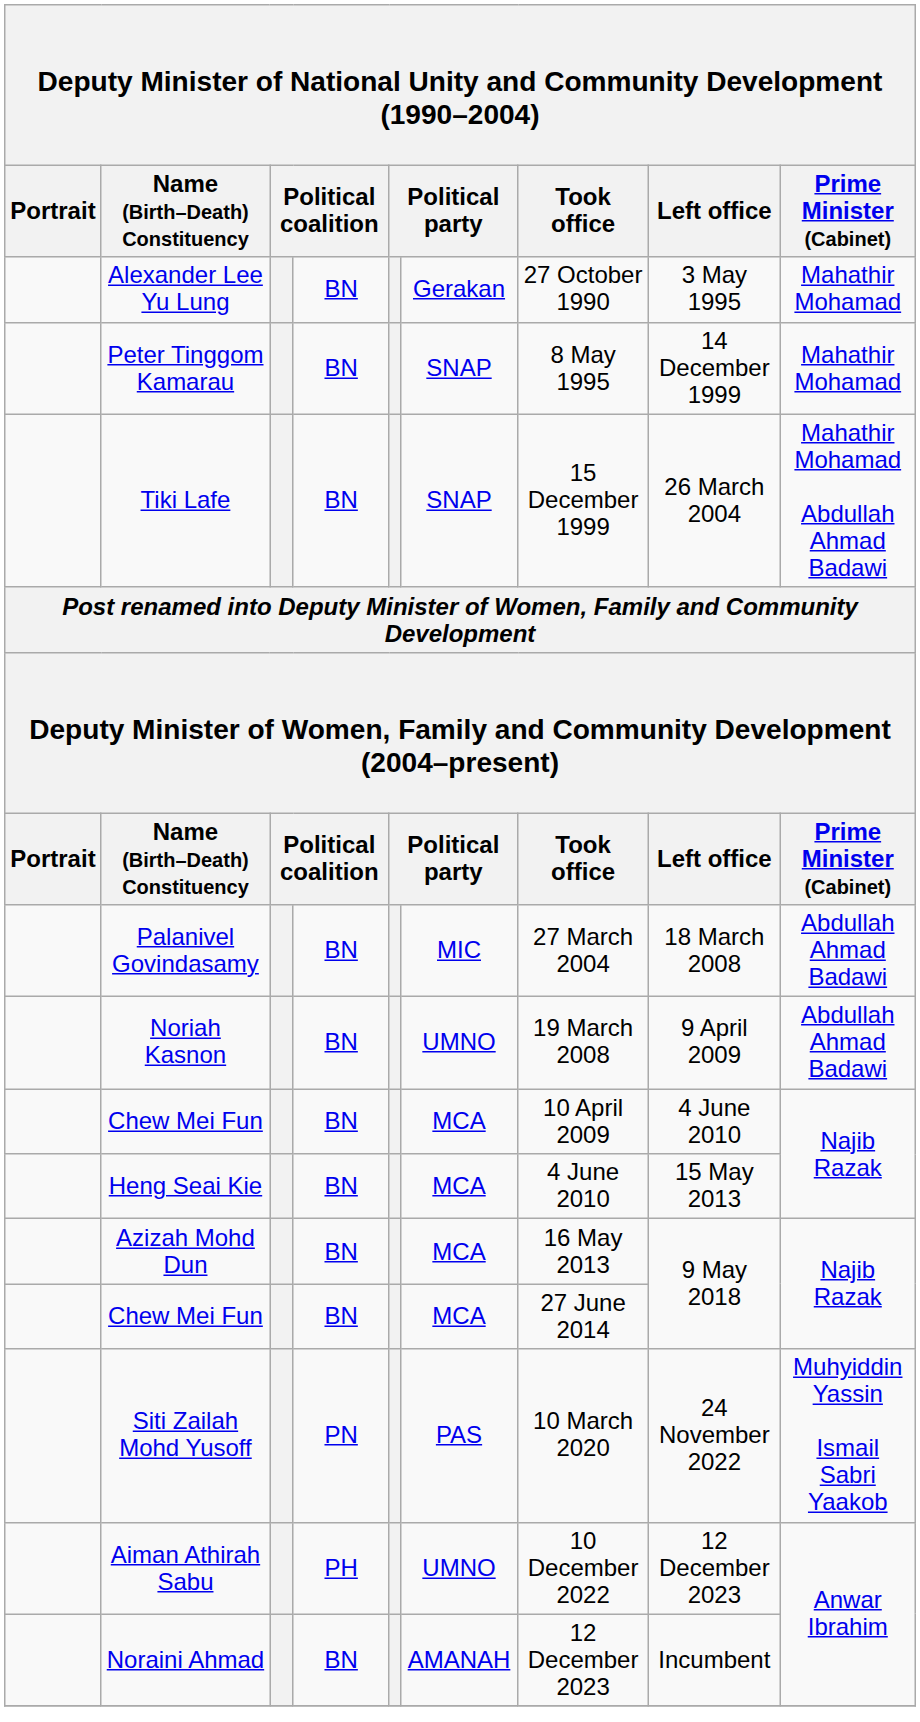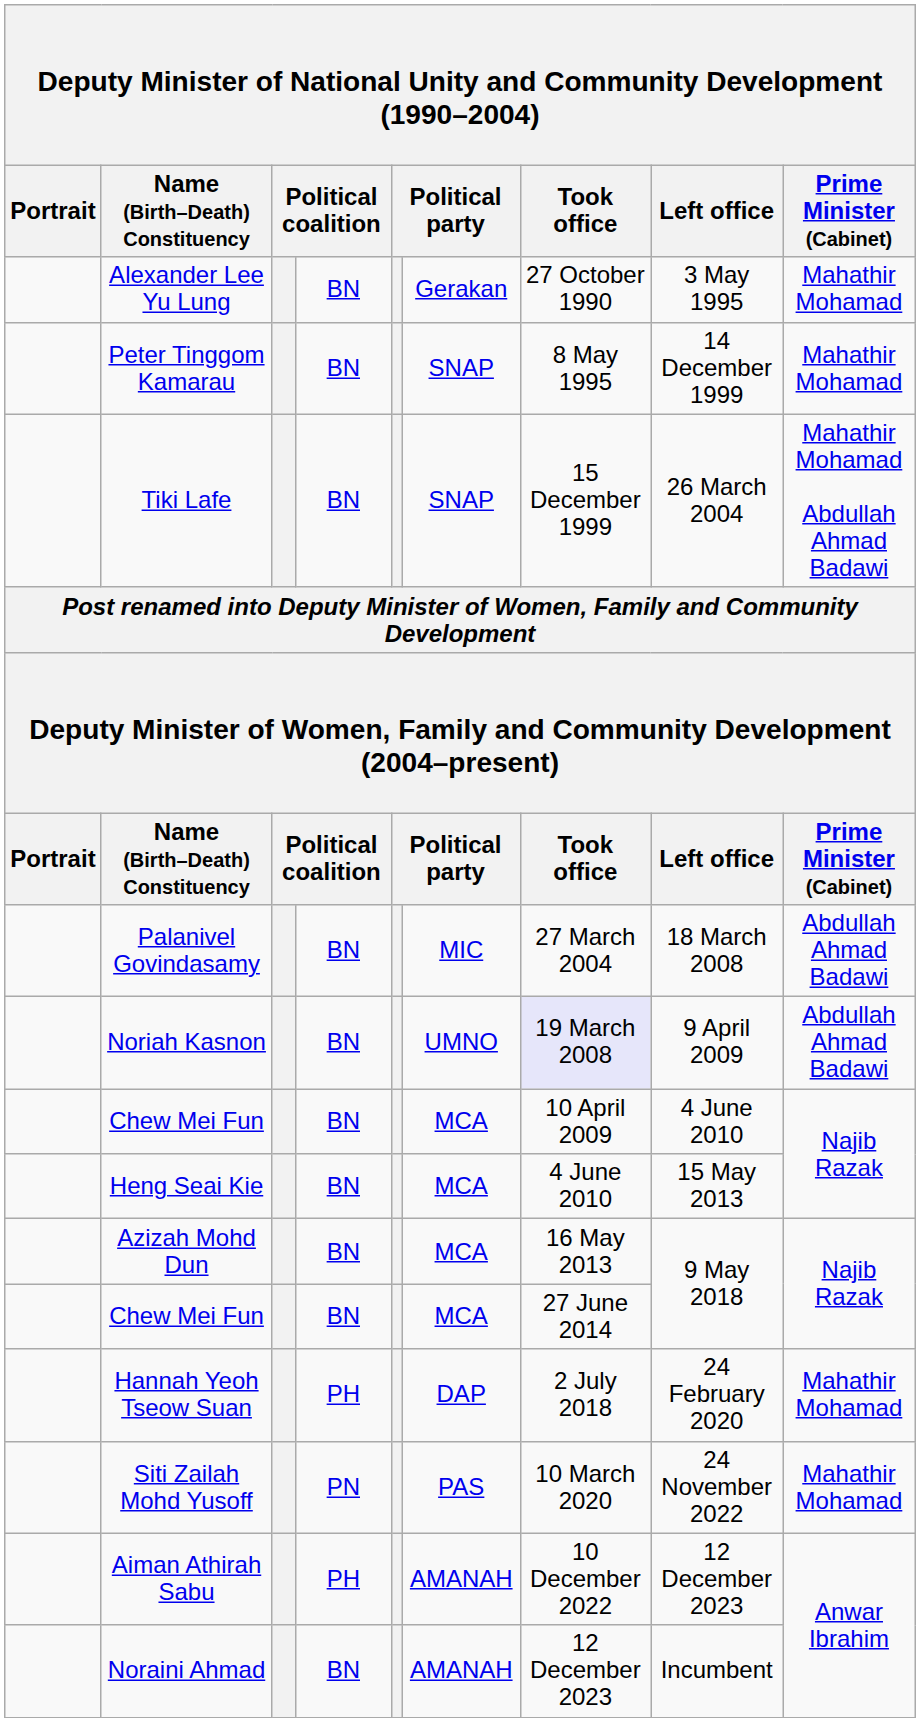 <table class="wikitable" style="text-align:center;">
 <tr>
 <th colspan="9"><br><h3>Deputy Minister of National Unity and Community Development (1990–2004)</h3></th>
 </tr>
 <tr>
 <th>Portrait</th>
 <th>Name<br><small>(Birth–Death)<br>Constituency</small></th>
 <th colspan="2">Political coalition</th>
 <th colspan="2">Political party</th>
 <th>Took office</th>
 <th>Left office</th>
 <th><a href='#'>Prime Minister</a><br><small>(Cabinet)</small></th>
 </tr>
 <tr>
 <td></td>
 <td><a href='#'>Alexander Lee Yu Lung</a><br></td>
 <th style="background:"></th>
 <td><a href='#'>BN</a></td>
 <th style="background:"></th>
 <td><a href='#'>Gerakan</a></td>
 <td>27 October 1990</td>
 <td>3 May 1995</td>
 <td><a href='#'>Mahathir Mohamad</a><br></td>
 </tr>
 <tr>
 <td></td>
 <td><a href='#'>Peter Tinggom Kamarau</a><br></td>
 <th style="background:"></th>
 <td><a href='#'>BN</a></td>
 <th style="background:"></th>
 <td><a href='#'>SNAP</a></td>
 <td>8 May 1995</td>
 <td>14 December 1999</td>
 <td><a href='#'>Mahathir Mohamad</a><br></td>
 </tr>
 <tr>
 <td></td>
 <td><a href='#'>Tiki Lafe</a><br></td>
 <th style="background:"></th>
 <td><a href='#'>BN</a></td>
 <th style="background:"></th>
 <td><a href='#'>SNAP</a></td>
 <td>15 December 1999</td>
 <td>26 March 2004</td>
 <td><a href='#'>Mahathir Mohamad</a><br><br><a href='#'>Abdullah Ahmad Badawi</a><br></td>
 </tr>
 <tr>
 <th colspan="9"><em>Post renamed into Deputy Minister of Women, Family and Community Development</em></th>
 </tr>
 <tr>
 <th colspan="9"><br><h3>Deputy Minister of Women, Family and Community Development (2004–present)</h3></th>
 </tr>
 <tr>
 <th>Portrait</th>
 <th>Name<br><small>(Birth–Death)<br>Constituency</small></th>
 <th colspan="2">Political coalition</th>
 <th colspan="2">Political party</th>
 <th>Took office</th>
 <th>Left office</th>
 <th><a href='#'>Prime Minister</a><br><small>(Cabinet)</small></th>
 </tr>
 <tr>
 <td></td>
 <td><a href='#'>Palanivel Govindasamy</a><br></td>
 <th style="background:"></th>
 <td><a href='#'>BN</a></td>
 <th style="background:"></th>
 <td><a href='#'>MIC</a></td>
 <td>27 March 2004</td>
 <td>18 March 2008</td>
 <td><a href='#'>Abdullah Ahmad Badawi</a><br></td>
 </tr>
 <tr>
 <td></td>
 <td><a href='#'>Noriah Kasnon</a><br></td>
 <th style="background:"></th>
 <td><a href='#'>BN</a></td>
 <th style="background:"></th>
 <td><a href='#'>UMNO</a></td>
-<td>19 March 2008</td>
+<td style="background: lavender;">19 March 2008</td>
 <td>9 April 2009</td>
 <td><a href='#'>Abdullah Ahmad Badawi</a><br></td>
 </tr>
 <tr>
 <td></td>
 <td><a href='#'>Chew Mei Fun</a><br></td>
 <th style="background:"></th>
 <td><a href='#'>BN</a></td>
 <th style="background:"></th>
 <td><a href='#'>MCA</a></td>
 <td>10 April 2009</td>
 <td>4 June 2010</td>
 <td rowspan=2><a href='#'>Najib Razak</a><br></td>
 </tr>
 <tr>
 <td></td>
 <td><a href='#'>Heng Seai Kie</a><br></td>
 <th style="background:"></th>
 <td><a href='#'>BN</a></td>
 <th style="background:"></th>
 <td><a href='#'>MCA</a></td>
 <td>4 June 2010</td>
 <td>15 May 2013</td>
 </tr>
 <tr>
 <td></td>
 <td><a href='#'>Azizah Mohd Dun</a><br></td>
 <th style="background:"></th>
 <td><a href='#'>BN</a></td>
 <th style="background:"></th>
 <td><a href='#'>MCA</a></td>
 <td>16 May 2013</td>
 <td rowspan=2>9 May 2018</td>
 <td rowspan=2><a href='#'>Najib Razak</a><br></td>
 </tr>
 <tr>
 <td></td>
 <td><a href='#'>Chew Mei Fun</a><br></td>
 <th style="background:"></th>
 <td><a href='#'>BN</a></td>
 <th style="background:"></th>
 <td><a href='#'>MCA</a></td>
 <td>27 June 2014</td>
 </tr>
 <tr>
 <td></td>
+<td><a href='#'>Hannah Yeoh Tseow Suan</a><br></td>
+<th style="background:"></th>
+<td><a href='#'>PH</a></td>
+<th style="background:"></th>
+<td><a href='#'>DAP</a></td>
+<td>2 July 2018</td>
+<td>24 February 2020</td>
+<td><a href='#'>Mahathir Mohamad</a><br></td>
+</tr>
+<tr>
+<td></td>
 <td><a href='#'>Siti Zailah Mohd Yusoff</a><br></td>
 <th style="background:"></th>
 <td><a href='#'>PN</a></td>
 <th style="background:"></th>
 <td><a href='#'>PAS</a></td>
 <td>10 March 2020</td>
 <td>24 November 2022</td>
-<td><a href='#'>Muhyiddin Yassin</a><br><br><a href='#'>Ismail Sabri Yaakob</a><br></td>
+<td><a href='#'>Mahathir Mohamad</a><br></td>
 </tr>
 <tr>
 <td></td>
 <td><a href='#'>Aiman Athirah Sabu</a><br></td>
 <th style="background:"></th>
 <td><a href='#'>PH</a></td>
 <th style="background:"></th>
-<td><a href='#'>UMNO</a></td>
+<td><a href='#'>AMANAH</a></td>
 <td>10 December 2022</td>
 <td>12 December 2023</td>
 <td rowspan=2><a href='#'>Anwar Ibrahim</a><br></td>
 </tr>
 <tr>
 <td></td>
 <td><a href='#'>Noraini Ahmad</a><br></td>
 <th style="background:"></th>
 <td><a href='#'>BN</a></td>
 <th style="background:"></th>
 <td><a href='#'>AMANAH</a></td>
 <td>12 December 2023</td>
 <td>Incumbent</td>
 </tr>
 <tr>
 </tr>
 </table>
